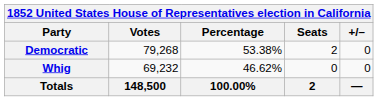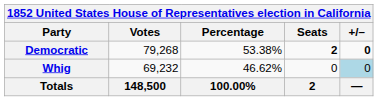 <table class=wikitable>
 <tr>
 <th colspan=6><a href='#'>1852 United States House of Representatives election in California</a></th>
 </tr>
 <tr>
 <th>Party</th>
 <th>Votes</th>
 <th>Percentage</th>
 <th>Seats</th>
 <th>+/–</th>
 </tr>
 <tr>
 <th><a href='#'>Democratic</a></th>
 <td align=right>79,268</td>
 <td align=right>53.38%</td>
-<td align=right>2</td>
-<td align=right>0</td>
+<td align=right><strong>2</strong></td>
+<td align=right><strong>0</strong></td>
 </tr>
 <tr>
 <th><a href='#'>Whig</a></th>
 <td align=right>69,232</td>
 <td align=right>46.62%</td>
 <td align=right>0</td>
-<td align=right>0</td>
+<td align=right style="background: lightblue;">0</td>
 </tr>
 <tr>
 <th>Totals</th>
 <th>148,500</th>
 <th>100.00%</th>
 <th>2</th>
 <th>—</th>
 </tr>
 </table>
